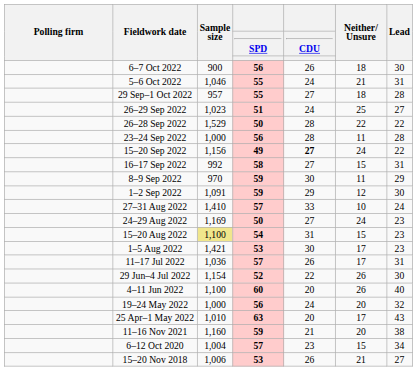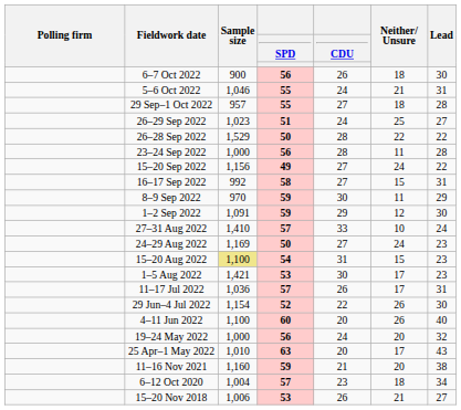 <table class="wikitable sortable" style="text-align:center;font-size:90%;line-height:14px;">
 <tr style="height:40px;">
 <th style="width:155px;" rowspan="3">Polling firm</th>
 <th style="width:120px;" rowspan="3">Fieldwork date</th>
 <th style="width:35px;" rowspan="3">Sample<br>size</th>
 <th class="unsortable" style="width:70px;"></th>
 <th class="unsortable" style="width:70px;"></th>
 <th class="unsortable" style="width:70px;" rowspan="3">Neither/<br>Unsure</th>
 <th style="width:30px;" rowspan="3">Lead</th>
 </tr>
 <tr>
 <th class="unsortable" style="width:40px;"><hr><a href='#'>SPD</a></th>
 <th class="unsortable" style="width:40px;"><hr><a href='#'>CDU</a></th>
 </tr>
 <tr>
 <th style="background:"></th>
 <th style="background:"></th>
 </tr>
 <tr>
 <td></td>
 <td data-sort-value="2022-10-07">6–7 Oct 2022</td>
 <td>900</td>
 <td style="background:#FFCCCC"><strong>56</strong></td>
 <td>26</td>
 <td>18</td>
 <td style="background:">30</td>
 </tr>
 <tr>
 <td></td>
 <td data-sort-value="2022-10-06">5–6 Oct 2022</td>
 <td>1,046</td>
 <td style="background:#FFCCCC"><strong>55</strong></td>
 <td>24</td>
 <td>21</td>
 <td style="background:">31</td>
 </tr>
 <tr>
 <td></td>
 <td data-sort-value="2022-10-01">29 Sep–1 Oct 2022</td>
 <td>957</td>
 <td style="background:#FFCCCC"><strong>55</strong></td>
 <td>27</td>
 <td>18</td>
 <td style="background:">28</td>
 </tr>
 <tr>
 <td></td>
 <td data-sort-value="2022-09-29">26–29 Sep 2022</td>
 <td>1,023</td>
 <td style="background:#FFCCCC"><strong>51</strong></td>
 <td>24</td>
 <td>25</td>
 <td style="background:">27</td>
 </tr>
 <tr>
 <td></td>
 <td data-sort-value="2022-09-28">26–28 Sep 2022</td>
 <td>1,529</td>
 <td style="background:#FFCCCC"><strong>50</strong></td>
 <td>28</td>
 <td>22</td>
 <td style="background:">22</td>
 </tr>
 <tr>
 <td></td>
 <td data-sort-value="2022-09-24">23–24 Sep 2022</td>
 <td>1,000</td>
 <td style="background:#FFCCCC"><strong>56</strong></td>
 <td>28</td>
 <td>11</td>
 <td style="background:">28</td>
 </tr>
 <tr>
 <td></td>
 <td data-sort-value="2022-09-20">15–20 Sep 2022</td>
 <td>1,156</td>
 <td style="background:#FFCCCC"><strong>49</strong></td>
-<td><strong>27</strong></td>
+<td>27</td>
 <td>24</td>
 <td style="background:">22</td>
 </tr>
 <tr>
 <td></td>
 <td data-sort-value="2022-09-17">16–17 Sep 2022</td>
 <td>992</td>
 <td style="background:#FFCCCC"><strong>58</strong></td>
 <td>27</td>
 <td>15</td>
 <td style="background:">31</td>
 </tr>
 <tr>
 <td></td>
 <td data-sort-value="2022-09-09">8–9 Sep 2022</td>
 <td>970</td>
 <td style="background:#FFCCCC"><strong>59</strong></td>
 <td>30</td>
 <td>11</td>
 <td style="background:">29</td>
 </tr>
 <tr>
 <td></td>
 <td data-sort-value="2022-09-02">1–2 Sep 2022</td>
 <td>1,091</td>
 <td style="background:#FFCCCC"><strong>59</strong></td>
 <td>29</td>
 <td>12</td>
 <td style="background:">30</td>
 </tr>
 <tr>
 <td></td>
 <td data-sort-value="2022-08-31">27–31 Aug 2022</td>
 <td>1,410</td>
 <td style="background:#FFCCCC"><strong>57</strong></td>
 <td>33</td>
 <td>10</td>
 <td style="background:">24</td>
 </tr>
 <tr>
 <td></td>
 <td data-sort-value="2022-08-29">24–29 Aug 2022</td>
 <td>1,169</td>
 <td style="background:#FFCCCC"><strong>50</strong></td>
 <td>27</td>
 <td>24</td>
 <td style="background:">23</td>
 </tr>
 <tr>
 <td></td>
 <td data-sort-value="2022-08-20">15–20 Aug 2022</td>
 <td style="background: khaki;">1,100</td>
 <td style="background:#FFCCCC"><strong>54</strong></td>
 <td>31</td>
 <td>15</td>
 <td style="background:">23</td>
 </tr>
 <tr>
 <td></td>
 <td data-sort-value="2022-08-05">1–5 Aug 2022</td>
 <td>1,421</td>
 <td style="background:#FFCCCC"><strong>53</strong></td>
 <td>30</td>
 <td>17</td>
 <td style="background:">23</td>
 </tr>
 <tr>
 <td></td>
 <td data-sort-value="2022-07-17">11–17 Jul 2022</td>
 <td>1,036</td>
 <td style="background:#FFCCCC"><strong>57</strong></td>
 <td>26</td>
 <td>17</td>
 <td style="background:">31</td>
 </tr>
 <tr>
 <td></td>
 <td data-sort-value="2022-07-06">29 Jun–4 Jul 2022</td>
 <td>1,154</td>
 <td style="background:#FFCCCC"><strong>52</strong></td>
 <td>22</td>
 <td>26</td>
 <td style="background:">30</td>
 </tr>
 <tr>
 <td></td>
 <td data-sort-value="2022-06-11">4–11 Jun 2022</td>
 <td>1,100</td>
 <td style="background:#FFCCCC"><strong>60</strong></td>
 <td>20</td>
 <td>26</td>
 <td style="background:">40</td>
 </tr>
 <tr>
 <td></td>
 <td data-sort-value="2022-05-24">19–24 May 2022</td>
 <td>1,000</td>
 <td style="background:#FFCCCC"><strong>56</strong></td>
 <td>24</td>
 <td>20</td>
 <td style="background:">32</td>
 </tr>
 <tr>
 <td></td>
 <td data-sort-value="2022-05-01">25 Apr–1 May 2022</td>
 <td>1,010</td>
 <td style="background:#FFCCCC"><strong>63</strong></td>
 <td>20</td>
 <td>17</td>
 <td style="background:">43</td>
 </tr>
 <tr>
 <td></td>
 <td data-sort-value="2022-11-19">11–16 Nov 2021</td>
 <td>1,160</td>
 <td style="background:#FFCCCC"><strong>59</strong></td>
 <td>21</td>
 <td>20</td>
 <td style="background:">38</td>
 </tr>
 <tr>
 <td></td>
 <td data-sort-value="2020-10-15">6–12 Oct 2020</td>
 <td>1,004</td>
 <td style="background:#FFCCCC"><strong>57</strong></td>
 <td>23</td>
-<td>15</td>
+<td>18</td>
 <td style="background:">34</td>
 </tr>
 <tr>
 <td></td>
 <td data-sort-value="2018-11-22">15–20 Nov 2018</td>
 <td>1,006</td>
 <td style="background:#FFCCCC"><strong>53</strong></td>
 <td>26</td>
 <td>21</td>
 <td style="background:">27</td>
 </tr>
 </table>
